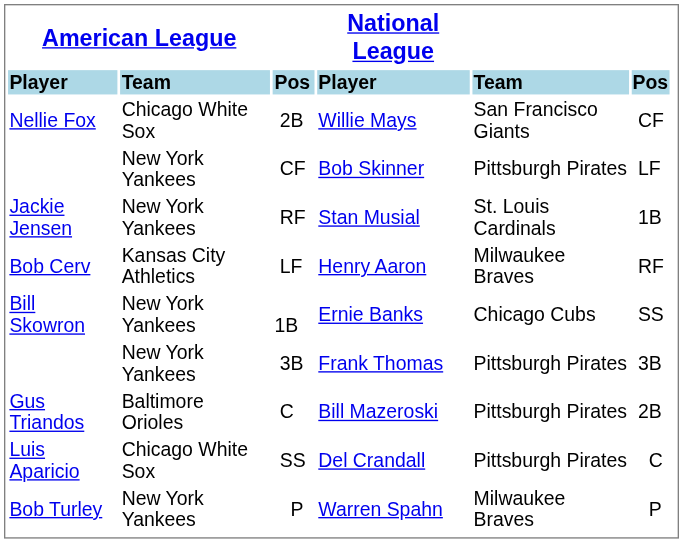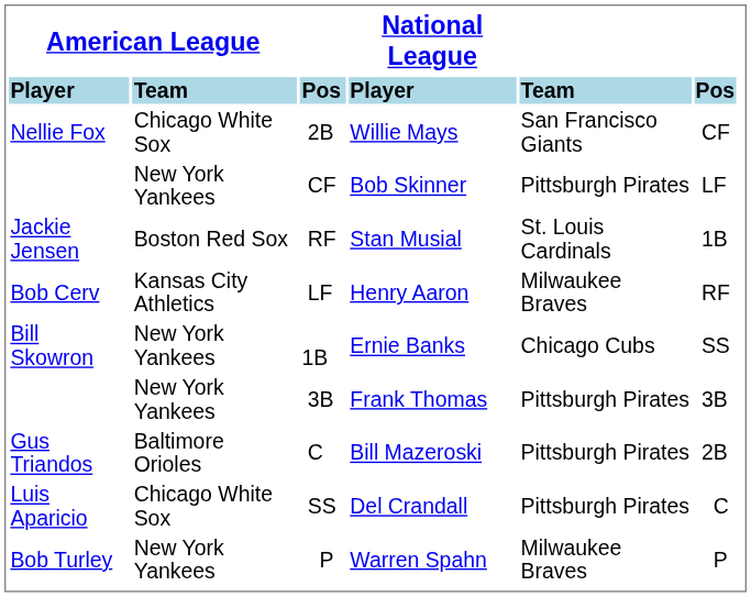 <table cellpadding="1" width="500px" style="font-size: 90%; border: 1px solid gray;">
 <tr align="center" style="font-size: larger;">
 <td colspan=2><strong><a href='#'>American League</a></strong></td>
 <td></td>
 <td><strong><a href='#'>National League</a></strong></td>
 </tr>
 <tr style="background:lightblue;">
 <td><strong>Player</strong></td>
 <td><strong>Team</strong></td>
 <td><strong>Pos</strong></td>
 <td><strong>Player</strong></td>
 <td><strong>Team</strong></td>
 <td><strong>Pos</strong></td>
 </tr>
 <tr>
 <td><a href='#'>Nellie Fox</a></td>
 <td>Chicago White Sox</td>
 <td> 2B</td>
 <td><a href='#'>Willie Mays</a></td>
 <td>San Francisco Giants</td>
 <td> CF</td>
 </tr>
 <tr>
 <td></td>
 <td>New York Yankees</td>
 <td> CF</td>
 <td><a href='#'>Bob Skinner</a></td>
 <td>Pittsburgh Pirates</td>
 <td> LF</td>
 </tr>
 <tr>
 <td><a href='#'>Jackie Jensen</a></td>
-<td>New York Yankees</td>
+<td>Boston Red Sox</td>
 <td> RF</td>
 <td><a href='#'>Stan Musial</a></td>
 <td>St. Louis Cardinals</td>
 <td> 1B</td>
 </tr>
 <tr>
 <td><a href='#'>Bob Cerv</a></td>
 <td>Kansas City Athletics</td>
 <td> LF</td>
 <td><a href='#'>Henry Aaron</a></td>
 <td>Milwaukee Braves</td>
 <td> RF</td>
 </tr>
 <tr>
 <td><a href='#'>Bill Skowron</a></td>
 <td>New York Yankees</td>
 <td>   1B</td>
 <td><a href='#'>Ernie Banks</a></td>
 <td>Chicago Cubs</td>
 <td> SS</td>
 </tr>
 <tr>
 <td></td>
 <td>New York Yankees</td>
 <td> 3B</td>
 <td><a href='#'>Frank Thomas</a></td>
 <td>Pittsburgh Pirates</td>
 <td> 3B</td>
 </tr>
 <tr>
 <td><a href='#'>Gus Triandos</a></td>
 <td>Baltimore Orioles</td>
 <td> C</td>
 <td><a href='#'>Bill Mazeroski</a></td>
 <td>Pittsburgh Pirates</td>
 <td> 2B</td>
 </tr>
 <tr>
 <td><a href='#'>Luis Aparicio</a></td>
 <td>Chicago White Sox</td>
 <td> SS</td>
 <td><a href='#'>Del Crandall</a></td>
 <td>Pittsburgh Pirates</td>
 <td>   C</td>
 <td></td>
 </tr>
 <tr>
 <td><a href='#'>Bob Turley</a></td>
 <td>New York Yankees</td>
 <td>   P</td>
 <td><a href='#'>Warren Spahn</a></td>
 <td>Milwaukee Braves</td>
 <td>   P</td>
 </tr>
 <tr>
 </tr>
 </table>
